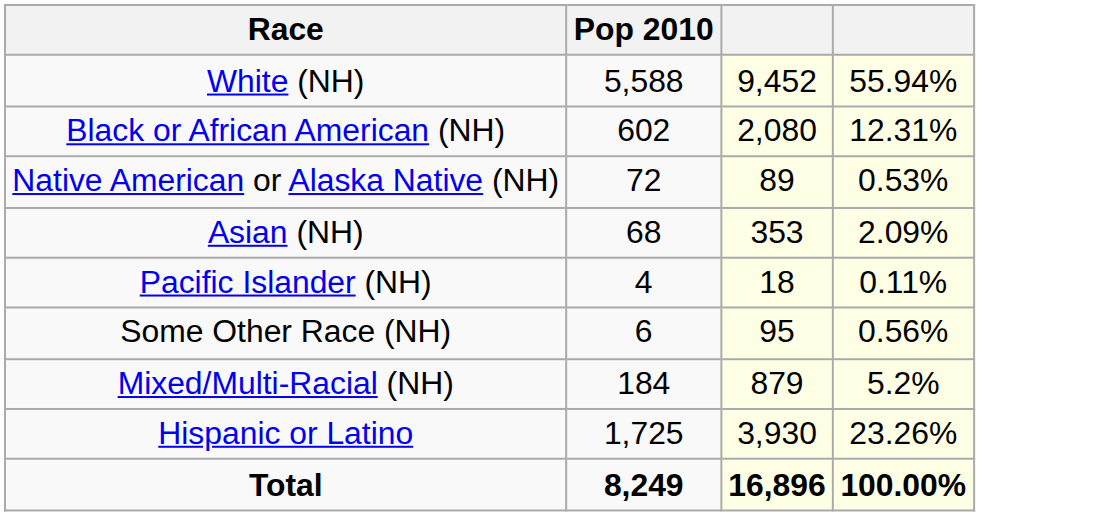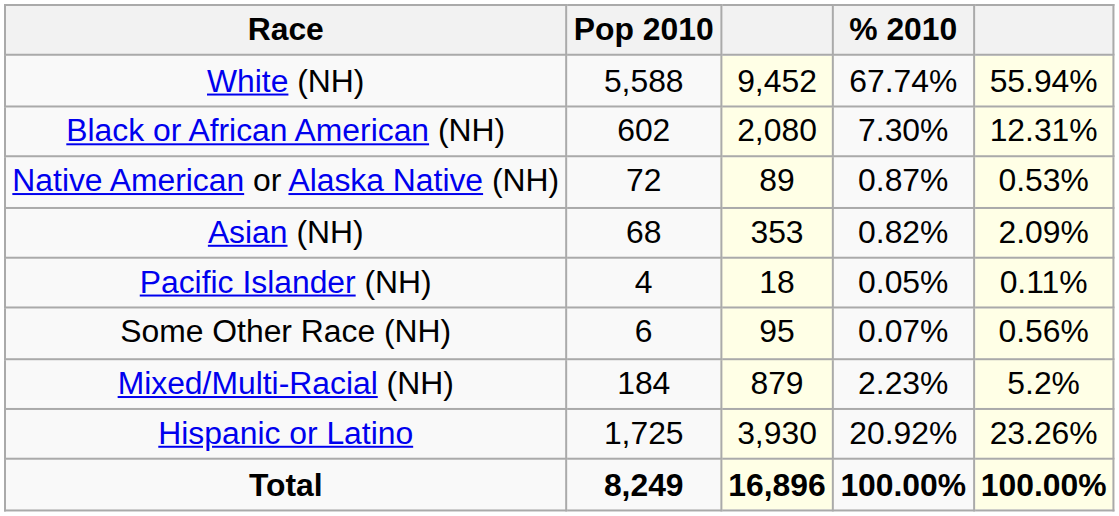 <table class="wikitable" style="text-align:center;">
 <tr>
 <th>Race</th>
 <th>Pop 2010</th>
 <th></th>
+<th>% 2010</th>
 <th></th>
 </tr>
 <tr>
 <td><a href='#'>White</a> (NH)</td>
 <td>5,588</td>
 <td style='background: #ffffe6;'>9,452</td>
+<td>67.74%</td>
 <td style='background: #ffffe6;'>55.94%</td>
 </tr>
 <tr>
 <td><a href='#'>Black or African American</a> (NH)</td>
 <td>602</td>
 <td style='background: #ffffe6;'>2,080</td>
+<td>7.30%</td>
 <td style='background: #ffffe6;'>12.31%</td>
 </tr>
 <tr>
 <td><a href='#'>Native American</a> or <a href='#'>Alaska Native</a> (NH)</td>
 <td>72</td>
 <td style='background: #ffffe6;'>89</td>
+<td>0.87%</td>
 <td style='background: #ffffe6;'>0.53%</td>
 </tr>
 <tr>
 <td><a href='#'>Asian</a> (NH)</td>
 <td>68</td>
 <td style='background: #ffffe6;'>353</td>
+<td>0.82%</td>
 <td style='background: #ffffe6;'>2.09%</td>
 </tr>
 <tr>
 <td><a href='#'>Pacific Islander</a> (NH)</td>
 <td>4</td>
 <td style='background: #ffffe6;'>18</td>
+<td>0.05%</td>
 <td style='background: #ffffe6;'>0.11%</td>
 </tr>
 <tr>
 <td>Some Other Race (NH)</td>
 <td>6</td>
 <td style='background: #ffffe6;'>95</td>
+<td>0.07%</td>
 <td style='background: #ffffe6;'>0.56%</td>
 </tr>
 <tr>
 <td><a href='#'>Mixed/Multi-Racial</a> (NH)</td>
 <td>184</td>
 <td style='background: #ffffe6;'>879</td>
+<td>2.23%</td>
 <td style='background: #ffffe6;'>5.2%</td>
 </tr>
 <tr>
 <td><a href='#'>Hispanic or Latino</a></td>
 <td>1,725</td>
 <td style='background: #ffffe6;'>3,930</td>
+<td>20.92%</td>
 <td style='background: #ffffe6;'>23.26%</td>
 </tr>
 <tr>
 <td><strong>Total</strong></td>
 <td><strong>8,249</strong></td>
 <td style='background: #ffffe6;'><strong>16,896</strong></td>
+<td><strong>100.00%</strong></td>
 <td style='background: #ffffe6;'><strong>100.00%</strong></td>
 </tr>
 </table>
